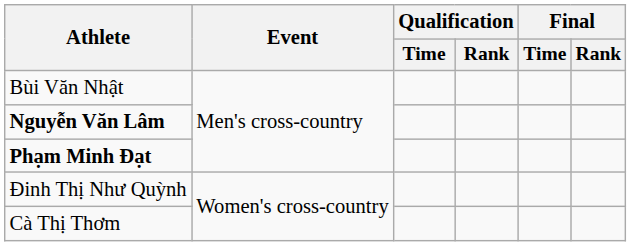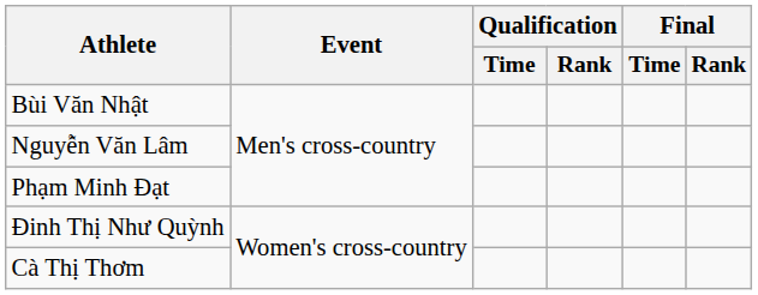 <table class="wikitable" style="font-size:90%">
 <tr>
 <th rowspan="2">Athlete</th>
 <th rowspan="2">Event</th>
 <th colspan="2">Qualification</th>
 <th colspan="2">Final</th>
 </tr>
 <tr style="font-size:95%">
 <th>Time</th>
 <th>Rank</th>
 <th>Time</th>
 <th>Rank</th>
 </tr>
 <tr align="center">
 <td align="left">Bùi Văn Nhật</td>
 <td rowspan="3" align="left">Men's cross-country</td>
 <td></td>
 <td></td>
 <td></td>
 <td></td>
 </tr>
 <tr align="center">
-<td align="left"><strong>Nguyễn Văn Lâm</strong></td>
+<td align="left">Nguyễn Văn Lâm</td>
 <td></td>
 <td></td>
 <td></td>
 <td></td>
 </tr>
 <tr align="center">
-<td align="left"><strong>Phạm Minh Đạt</strong></td>
+<td align="left">Phạm Minh Đạt</td>
 <td></td>
 <td></td>
 <td></td>
 <td></td>
 </tr>
 <tr align="center">
 <td align="left">Đinh Thị Như Quỳnh</td>
 <td rowspan="2" align="left">Women's cross-country</td>
 <td></td>
 <td></td>
 <td></td>
 <td></td>
 </tr>
 <tr align="center">
 <td align="left">Cà Thị Thơm</td>
 <td></td>
 <td></td>
 <td></td>
 <td></td>
 </tr>
 </table>
